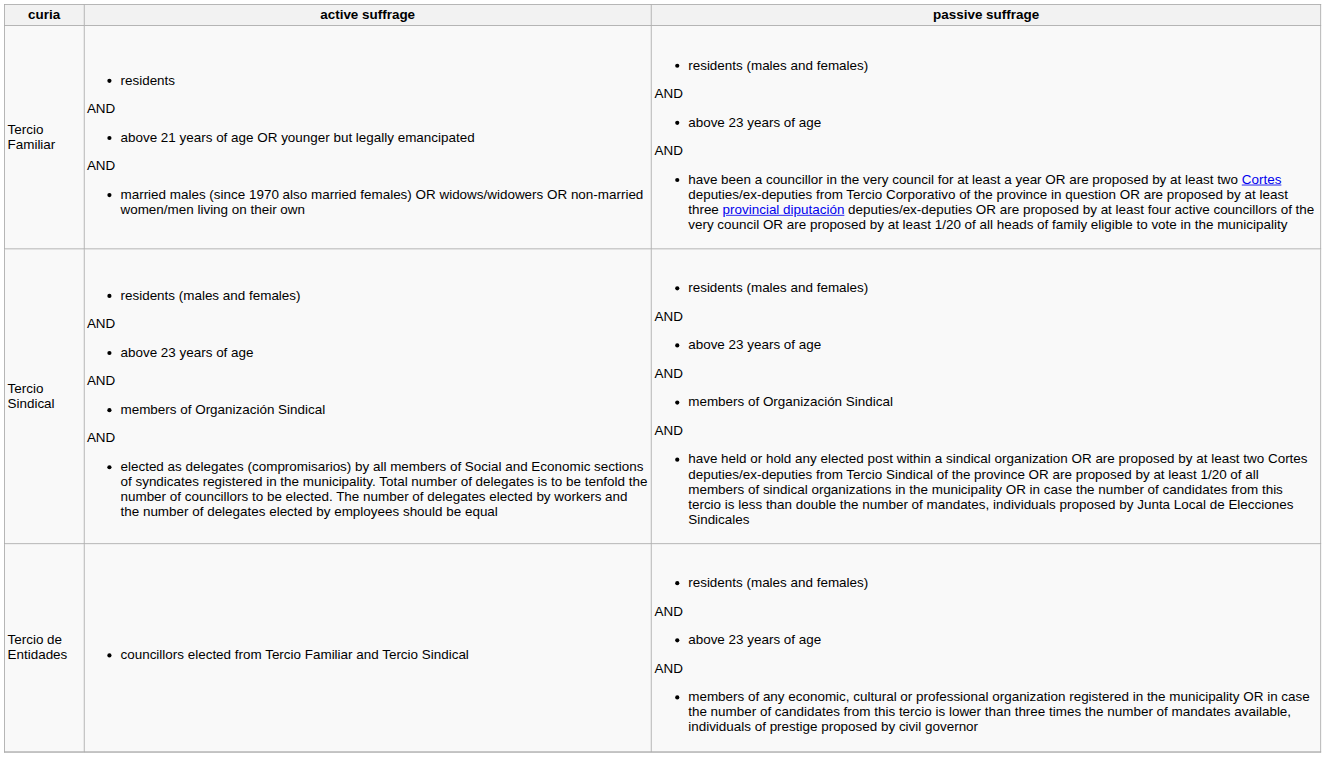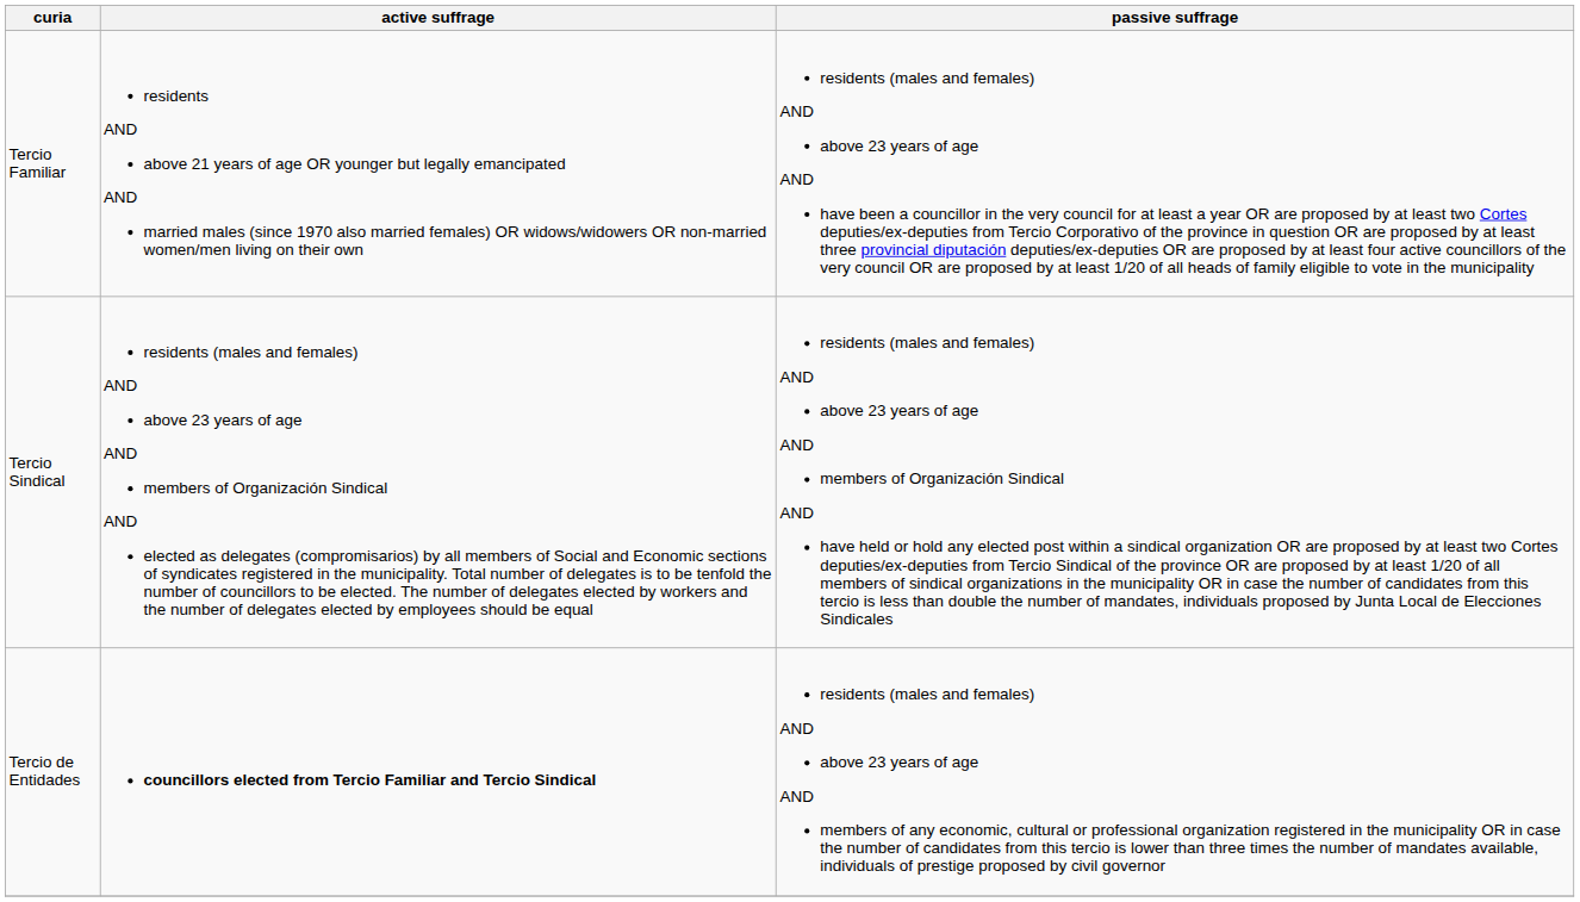 <table class="wikitable">
 <tr>
 <th>curia</th>
 <th>active suffrage</th>
 <th>passive suffrage</th>
 </tr>
 <tr>
 <td>Tercio Familiar</td>
 <td><br><ul><li>residents</li></ul>AND<ul><li>above 21 years of age OR younger but legally emancipated</li></ul>AND<ul><li>married males (since 1970 also married females) OR widows/widowers OR non-married women/men living on their own</li></ul></td>
 <td><br><ul><li>residents (males and females)</li></ul>AND<ul><li>above 23 years of age</li></ul>AND<ul><li>have been a councillor in the very council for at least a year OR are proposed by at least two <a href='#'>Cortes</a> deputies/ex-deputies from Tercio Corporativo of the province in question OR are proposed by at least three <a href='#'>provincial diputación</a> deputies/ex-deputies OR are proposed by at least four active councillors of the very council OR are proposed by at least 1/20 of all heads of family eligible to vote in the municipality</li></ul></td>
 </tr>
 <tr>
 <td>Tercio Sindical</td>
 <td><br><ul><li>residents (males and females)</li></ul>AND<ul><li>above 23 years of age</li></ul>AND<ul><li>members of Organización Sindical</li></ul>AND<ul><li>elected as delegates (compromisarios) by all members of Social and Economic sections of syndicates registered in the municipality. Total number of delegates is to be tenfold the number of councillors to be elected. The number of delegates elected by workers and the number of delegates elected by employees should be equal</li></ul></td>
 <td><br><ul><li>residents (males and females)</li></ul>AND<ul><li>above 23 years of age</li></ul>AND<ul><li>members of Organización Sindical</li></ul>AND<ul><li>have held or hold any elected post within a sindical organization OR are proposed by at least two Cortes deputies/ex-deputies from Tercio Sindical of the province OR are proposed by at least 1/20 of all members of sindical organizations in the municipality OR in case the number of candidates from this tercio is less than double the number of mandates, individuals proposed by Junta Local de Elecciones Sindicales</li></ul></td>
 </tr>
 <tr>
 <td>Tercio de Entidades</td>
-<td><br><ul><li>councillors elected from Tercio Familiar and Tercio Sindical</li></ul></td>
+<td><strong><br><ul><li>councillors elected from Tercio Familiar and Tercio Sindical</li></ul></strong></td>
 <td><br><ul><li>residents (males and females)</li></ul>AND<ul><li>above 23 years of age</li></ul>AND<ul><li>members of any economic, cultural or professional organization registered in the municipality OR in case the number of candidates from this tercio is lower than three times the number of mandates available, individuals of prestige proposed by civil governor</li></ul></td>
 </tr>
 <tr>
 </tr>
 </table>
